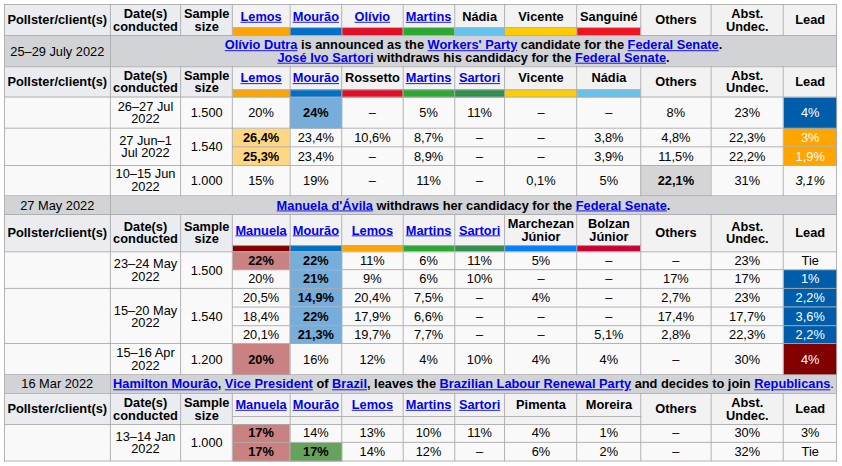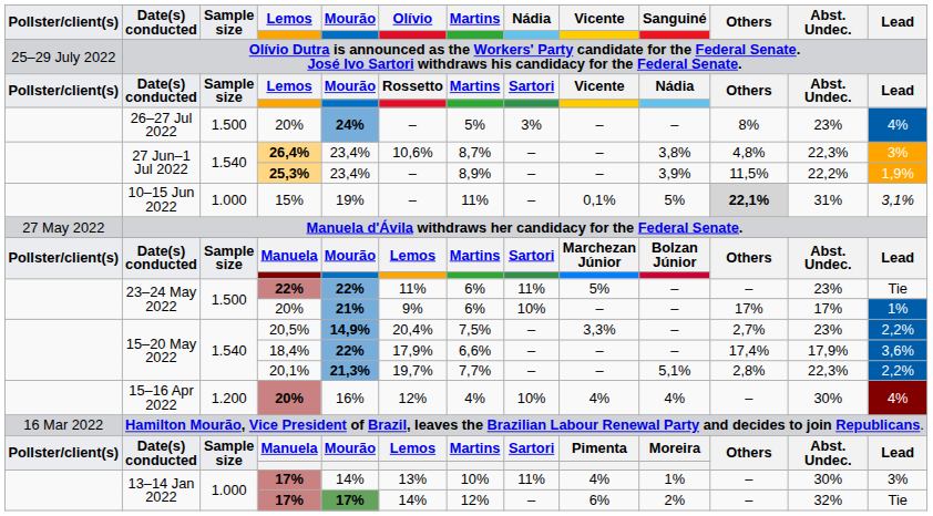 <table class="wikitable sortable" style="text-align:center;font-size:90%;line-height:14px;">
 <tr>
 <td rowspan="2" class="unsortable" style="width:50px;background:#eaecf0;"><strong>Pollster/client(s)</strong></td>
 <td rowspan="2" class="unsortable" style="width:50px;background:#eaecf0;"><strong>Date(s)<br>conducted</strong></td>
 <td rowspan="2" class="unsortable" style="width:50px;background:#eaecf0;"><strong>Sample<br> size</strong></td>
 <th class="unsortable" style="width:50px;"><a href='#'>Lemos</a><br></th>
 <th class="unsortable" style="width:50px;"><a href='#'>Mourão</a><br></th>
 <th class="unsortable" style="width:50px;"><a href='#'>Olívio</a><br></th>
 <th class="unsortable" style="width:50px;"><a href='#'>Martins</a><br></th>
 <th class="unsortable" style="width:50px;">Nádia<br></th>
 <th class="unsortable" style="width:50px;">Vicente<br></th>
 <th class="unsortable" style="width:50px;">Sanguiné<br></th>
 <th rowspan="2" class="unsortable">Others</th>
 <th rowspan="2" class="unsortable">Abst.<br>Undec.</th>
 <th rowspan="2" data-sort-type="number">Lead</th>
 </tr>
 <tr>
 <th data-sort-type="number" class="sortable" style="background:#FFA500;"></th>
 <th data-sort-type="number" class="sortable" style="background:#0070C5;"></th>
 <th data-sort-type="number" class="sortable" style="background:#e20e28;"></th>
 <th data-sort-type="number" class="sortable" style="background:#2da933;"></th>
 <th data-sort-type="number" class="sortable" style="background:#64C3ED;"></th>
 <th data-sort-type="number" class="sortable" style="background:#ffcc00;"></th>
 <th data-sort-type="number" class="sortable" style="background:#EE1521;"></th>
 </tr>
 <tr>
 <td style="background:#d1d3d7;">25–29 July 2022</td>
 <td colspan="12" style="background:#d1d3d7;"><strong><a href='#'>Olívio Dutra</a> is announced as the <a href='#'>Workers' Party</a> candidate for the <a href='#'>Federal Senate</a>. <br><a href='#'>José Ivo Sartori</a> withdraws his candidacy for the <a href='#'>Federal Senate</a>.</strong></td>
 </tr>
 <tr>
 <td rowspan="2" class="unsortable" style="width:50px;background:#eaecf0;"><strong>Pollster/client(s)</strong></td>
 <td rowspan="2" class="unsortable" style="width:50px;background:#eaecf0;"><strong>Date(s)<br>conducted</strong></td>
 <td rowspan="2" class="unsortable" style="width:50px;background:#eaecf0;"><strong>Sample<br> size</strong></td>
 <th class="unsortable" style="width:50px;"><a href='#'>Lemos</a><br></th>
 <th class="unsortable" style="width:50px;"><a href='#'>Mourão</a><br></th>
 <th class="unsortable" style="width:50px;">Rossetto<br></th>
 <th class="unsortable" style="width:50px;"><a href='#'>Martins</a><br></th>
 <th class="unsortable" style="width:50px;"><a href='#'>Sartori</a><br></th>
 <th class="unsortable" style="width:50px;"><strong>Vicente</strong><br></th>
 <th class="unsortable" style="width:50px;"><strong>Nádia</strong><br></th>
 <th rowspan="2" class="unsortable">Others</th>
 <th rowspan="2" class="unsortable">Abst.<br>Undec.</th>
 <th rowspan="2" data-sort-type="number">Lead</th>
 </tr>
 <tr>
 <th data-sort-type="number" class="sortable" style="background:#FFA500;"></th>
 <th data-sort-type="number" class="sortable" style="background:#0070C5;"></th>
 <th data-sort-type="number" class="sortable" style="background:#e20e28;"></th>
 <th data-sort-type="number" class="sortable" style="background:#2da933;"></th>
 <th data-sort-type="number" class="sortable" style="background:#30914D;"></th>
 <th data-sort-type="number" class="sortable" style="background:#ffcc00;"></th>
 <th data-sort-type="number" class="sortable" style="background:#64C3ED;"></th>
 </tr>
 <tr>
 <td></td>
 <td>26–27 Jul 2022</td>
 <td>1.500</td>
 <td>20%</td>
 <td style="background:#76addb;"><strong>24%</strong></td>
 <td>–</td>
 <td>5%</td>
-<td>11%</td>
+<td>3%</td>
 <td>–</td>
 <td>–</td>
 <td>8%</td>
 <td>23%</td>
 <td style="background:#005daa;color:#FFFFFF;">4%</td>
 </tr>
 <tr>
 <td rowspan="2"></td>
 <td rowspan="2">27 Jun–1 Jul 2022</td>
 <td rowspan="2">1.540</td>
 <td style="background:#ffd782; "><strong>26,4%</strong></td>
 <td>23,4%</td>
 <td>10,6%</td>
 <td>8,7%</td>
 <td>–</td>
 <td>–</td>
 <td>3,8%</td>
 <td>4,8%</td>
 <td>22,3%</td>
 <td style="background:#FFA500;color:#FFFFFF;">3%</td>
 </tr>
 <tr>
 <td style="background:#ffd782; "><strong>25,3%</strong></td>
 <td>23,4%</td>
 <td>–</td>
 <td>8,9%</td>
 <td>–</td>
 <td>–</td>
 <td>3,9%</td>
 <td>11,5%</td>
 <td>22,2%</td>
 <td style="background:#FFA500;color:#FFFFFF;">1,9%</td>
 </tr>
 <tr>
 <td></td>
 <td>10–15 Jun 2022</td>
 <td>1.000</td>
 <td>15%</td>
 <td>19%</td>
 <td>–</td>
 <td>11%</td>
 <td>–</td>
 <td>0,1%</td>
 <td>5%</td>
 <td style="background:#D5D5D5; "><strong>22,1%</strong></td>
 <td>31%</td>
 <td><em>3,1%</em></td>
 </tr>
 <tr>
 <td style="background:#d1d3d7;">27 May 2022</td>
 <td colspan="12" style="background:#d1d3d7;"><strong><a href='#'>Manuela d'Ávila</a> withdraws her candidacy for the <a href='#'>Federal Senate</a>.</strong> </td>
 </tr>
 <tr>
 <td rowspan="2" class="unsortable" style="width:50px;background:#eaecf0;"><strong>Pollster/client(s)</strong></td>
 <td rowspan="2" class="unsortable" style="width:50px;background:#eaecf0;"><strong>Date(s)<br>conducted</strong></td>
 <td rowspan="2" class="unsortable" style="width:50px;background:#eaecf0;"><strong>Sample<br> size</strong></td>
 <th class="unsortable" style="width:50px;"><a href='#'>Manuela</a><br></th>
 <th class="unsortable" style="width:50px;"><a href='#'>Mourão</a><br></th>
 <th class="unsortable" style="width:50px;"><a href='#'>Lemos</a><br></th>
 <th class="unsortable" style="width:50px;"><a href='#'>Martins</a><br></th>
 <th class="unsortable" style="width:50px;"><a href='#'>Sartori</a><br></th>
 <th class="unsortable" style="width:50px;"><strong>Marchezan Júnior</strong><br></th>
 <th class="unsortable" style="width:50px;"><strong>Bolzan Júnior</strong><br></th>
 <th rowspan="2" class="unsortable">Others</th>
 <th rowspan="2" class="unsortable">Abst.<br>Undec.</th>
 <th rowspan="2" data-sort-type="number">Lead</th>
 </tr>
 <tr>
 <th data-sort-type="number" class="sortable" style="background:#820000;"></th>
 <th data-sort-type="number" class="sortable" style="background:#0070C5;"></th>
 <th data-sort-type="number" class="sortable" style="background:#FFA500;"></th>
 <th data-sort-type="number" class="sortable" style="background:#2da933;"></th>
 <th data-sort-type="number" class="sortable" style="background:#30914D;"></th>
 <th data-sort-type="number" class="sortable" style="background:#0080FF;"></th>
 <th data-sort-type="number" class="sortable" style="background:#CC0033;"></th>
 </tr>
 <tr>
 <td rowspan="2"></td>
 <td rowspan="2">23–24 May 2022</td>
 <td rowspan="2">1.500</td>
 <td style="background:#c98181;"><strong>22%</strong></td>
 <td style="background:#76addb;"><strong>22%</strong></td>
 <td>11%</td>
 <td>6%</td>
 <td>11%</td>
 <td>5%</td>
 <td>–</td>
 <td>–</td>
 <td>23%</td>
 <td>Tie</td>
 </tr>
 <tr>
 <td>20%</td>
 <td style="background:#76addb;"><strong>21%</strong></td>
 <td>9%</td>
 <td>6%</td>
 <td>10%</td>
 <td>–</td>
 <td>–</td>
 <td>17%</td>
 <td>17%</td>
 <td style="background:#005daa;color:#FFFFFF;">1%</td>
 </tr>
 <tr>
 <td rowspan="3"></td>
 <td rowspan="3">15–20 May 2022</td>
 <td rowspan="3">1.540</td>
 <td>20,5%</td>
 <td style="background:#76addb;"><strong>14,9%</strong></td>
 <td>20,4%</td>
 <td>7,5%</td>
 <td>–</td>
-<td>4%</td>
+<td>3,3%</td>
 <td>–</td>
 <td>2,7%</td>
 <td>23%</td>
 <td style="background:#005daa;color:#FFFFFF;">2,2%</td>
 </tr>
 <tr>
 <td>18,4%</td>
 <td style="background:#76addb;"><strong>22%</strong></td>
 <td>17,9%</td>
 <td>6,6%</td>
 <td>–</td>
 <td>–</td>
 <td>–</td>
 <td>17,4%</td>
-<td>17,7%</td>
+<td>17,9%</td>
 <td style="background:#005daa;color:#FFFFFF;">3,6%</td>
 </tr>
 <tr>
 <td>20,1%</td>
 <td style="background:#76addb;"><strong>21,3%</strong></td>
 <td>19,7%</td>
 <td>7,7%</td>
 <td>–</td>
 <td>–</td>
 <td>5,1%</td>
 <td>2,8%</td>
 <td>22,3%</td>
 <td style="background:#005daa;color:#FFFFFF;">2,2%</td>
 </tr>
 <tr>
 <td rowspan="1"></td>
 <td rowspan="1">15–16 Apr 2022</td>
 <td rowspan="1">1.200</td>
 <td style="background:#c98181;"><strong>20%</strong></td>
 <td>16%</td>
 <td>12%</td>
 <td>4%</td>
 <td>10%</td>
 <td>4%</td>
 <td>4%</td>
 <td>–</td>
 <td>30%</td>
 <td style="background:#820000;color:#FFFFFF;">4%</td>
 </tr>
 <tr>
 <td data-sort-type="number" class="sortable" style="background:#d1d3d7;">16 Mar 2022</td>
 <td data-sort-type="number" class="sortable" style="background:#d1d3d7;" colspan="12"><strong><a href='#'>Hamilton Mourão</a>, <a href='#'>Vice President</a> of <a href='#'>Brazil</a>, leaves the <a href='#'>Brazilian Labour Renewal Party</a> and decides to join <a href='#'>Republicans</a></strong>.</td>
 </tr>
 <tr>
 <th rowspan="2" class="unsortable" style="width:50px;background:#eaecf0;">Pollster/client(s)</th>
 <th rowspan="2" class="unsortable" style="width:50px;background:#eaecf0;">Date(s)<br>conducted</th>
 <th rowspan="2" class="unsortable" style="width:50px;background:#eaecf0;">Sample<br>size</th>
 <th class="unsortable" style="width:50px;"><a href='#'>Manuela</a><br></th>
 <th class="unsortable" style="width:50px;"><a href='#'>Mourão</a><br></th>
 <th class="unsortable" style="width:50px;"><a href='#'>Lemos</a><br></th>
 <th class="unsortable" style="width:50px;"><a href='#'>Martins</a><br></th>
 <th class="unsortable" style="width:50px;"><a href='#'>Sartori</a><br></th>
 <th class="unsortable" style="width:50px;"><strong>Pimenta</strong><br></th>
 <th class="unsortable" style="width:50px;"><strong>Moreira</strong><br></th>
 <th rowspan="2" class="unsortable">Others</th>
 <th rowspan="2" class="unsortable">Abst.<br>Undec.</th>
 <th rowspan="2" data-sort-type="number">Lead</th>
 </tr>
 <tr>
 <th data-sort-type="number" class="sortable" style="background:"></th>
 <th data-sort-type="number" class="sortable" style="background:"></th>
 <th data-sort-type="number" class="sortable" style="background:"></th>
 <th data-sort-type="number" class="sortable" style="background:"></th>
 <th data-sort-type="number" class="sortable" style="background:"></th>
 <th data-sort-type="number" class="sortable" style="background:"></th>
 <th data-sort-type="number" class="sortable" style="background:"></th>
 </tr>
 <tr>
 <td rowspan="2"></td>
 <td rowspan="2">13–14 Jan 2022</td>
 <td rowspan="2">1.000</td>
 <td style="background:#c98181;"><strong>17%</strong></td>
 <td>14%</td>
 <td>13%</td>
 <td>10%</td>
 <td>11%</td>
 <td>4%</td>
 <td>1%</td>
 <td>–</td>
 <td>30%</td>
 <td style="background:">3%</td>
 </tr>
 <tr>
 <td style="background:#c98181;"><strong>17%</strong></td>
 <td style="background:#65a35d;"><strong>17%</strong></td>
 <td>14%</td>
 <td>12%</td>
 <td>–</td>
 <td>6%</td>
 <td>2%</td>
 <td>–</td>
 <td>32%</td>
 <td>Tie</td>
 </tr>
 </table>
